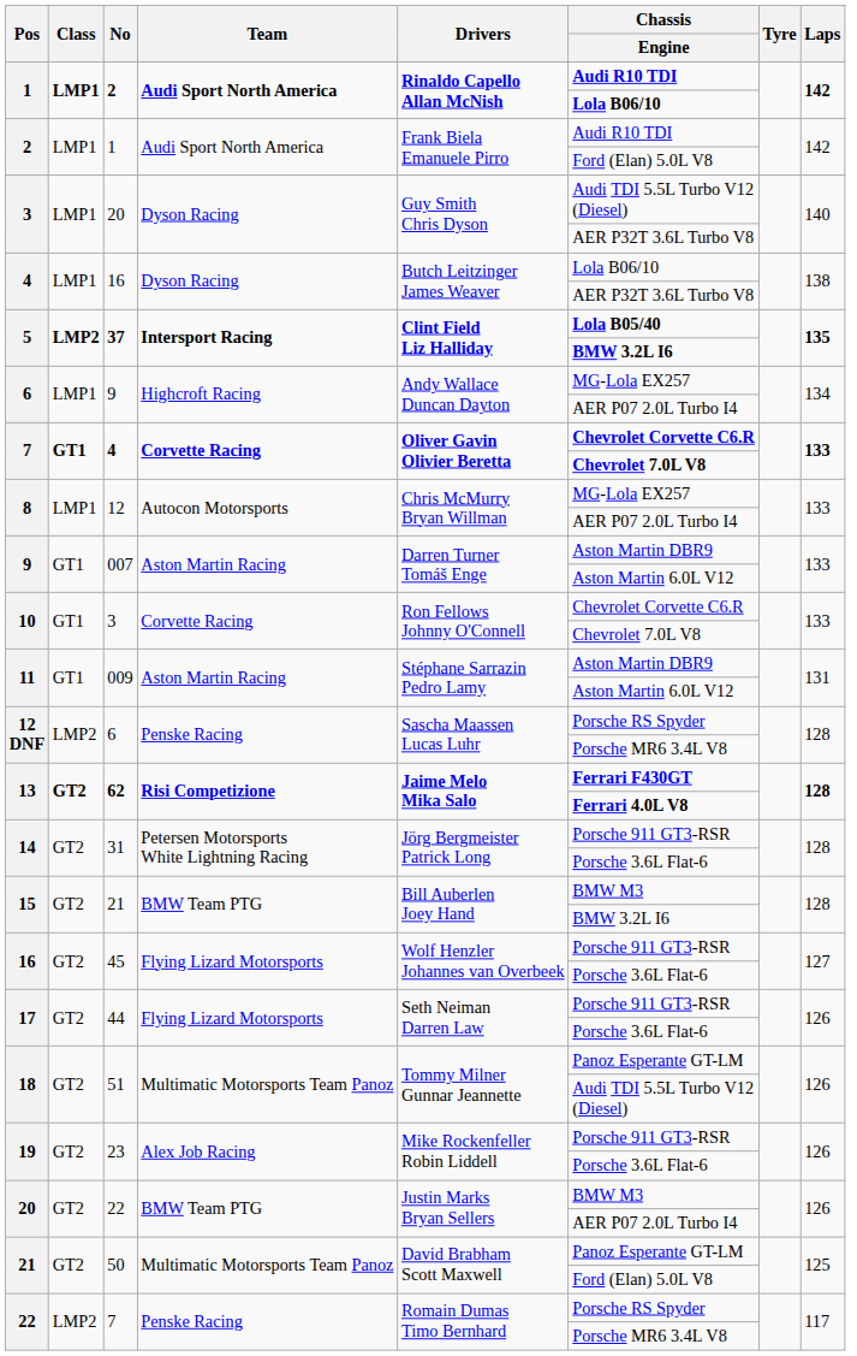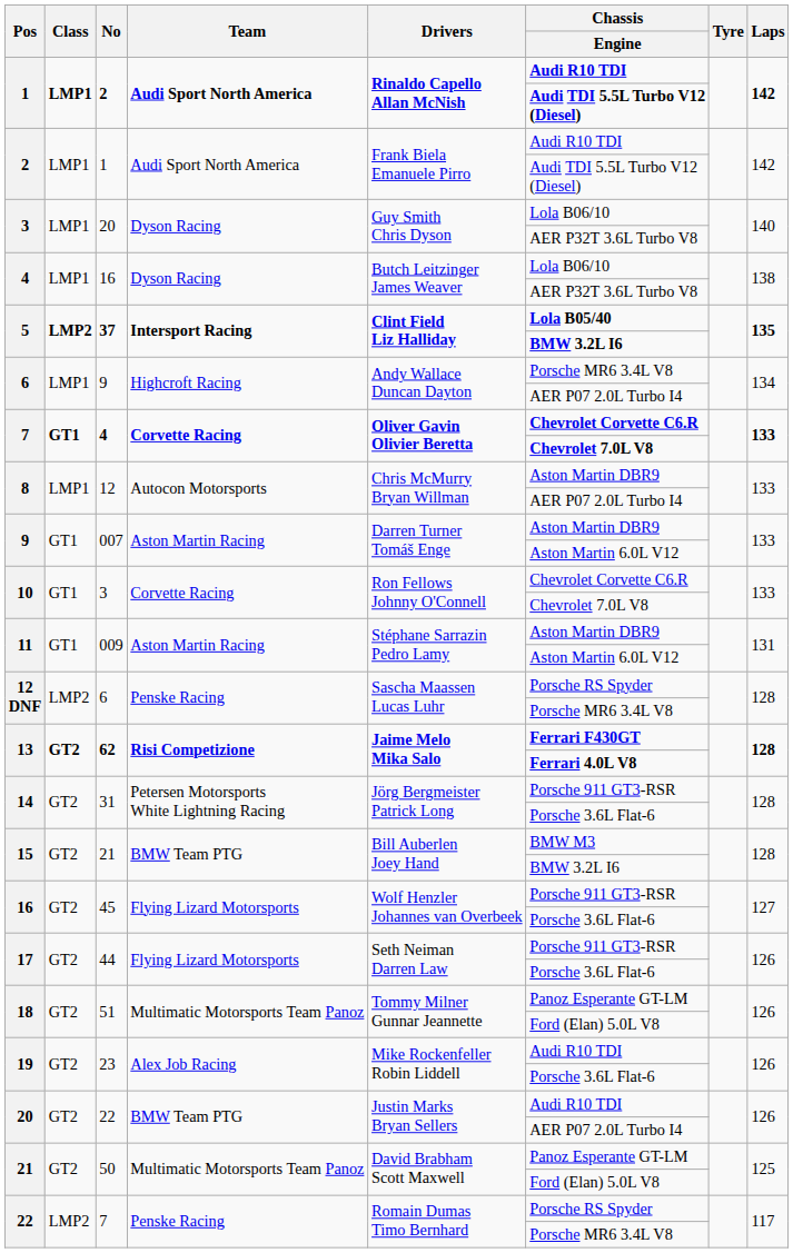 <table class="wikitable" style="font-size: 95%;">
 <tr>
 <th rowspan=2>Pos</th>
 <th rowspan=2>Class</th>
 <th rowspan=2>No</th>
 <th rowspan=2>Team</th>
 <th rowspan=2>Drivers</th>
 <th>Chassis</th>
 <th rowspan=2>Tyre</th>
 <th rowspan=2>Laps</th>
 </tr>
 <tr>
 <th>Engine</th>
 </tr>
 <tr style="font-weight:bold">
 <th rowspan=2>1</th>
 <td rowspan=2>LMP1</td>
 <td rowspan=2>2</td>
 <td rowspan=2> <a href='#'>Audi</a> Sport North America</td>
 <td rowspan=2> <a href='#'>Rinaldo Capello</a><br> <a href='#'>Allan McNish</a></td>
 <td><a href='#'>Audi R10 TDI</a></td>
 <td rowspan=2></td>
 <td rowspan=2>142</td>
 </tr>
 <tr style="font-weight:bold">
-<td><a href='#'>Lola</a> B06/10</td>
+<td><a href='#'>Audi</a> <a href='#'>TDI</a> 5.5L Turbo V12<br>(<a href='#'>Diesel</a>)</td>
 </tr>
 <tr>
 <th rowspan=2>2</th>
 <td rowspan=2>LMP1</td>
 <td rowspan=2>1</td>
 <td rowspan=2> <a href='#'>Audi</a> Sport North America</td>
 <td rowspan=2> <a href='#'>Frank Biela</a><br> <a href='#'>Emanuele Pirro</a></td>
 <td><a href='#'>Audi R10 TDI</a></td>
 <td rowspan=2></td>
 <td rowspan=2>142</td>
 </tr>
 <tr>
-<td><a href='#'>Ford</a> (Elan) 5.0L V8</td>
+<td><a href='#'>Audi</a> <a href='#'>TDI</a> 5.5L Turbo V12<br>(<a href='#'>Diesel</a>)</td>
 </tr>
 <tr>
 <th rowspan=2>3</th>
 <td rowspan=2>LMP1</td>
 <td rowspan=2>20</td>
 <td rowspan=2> <a href='#'>Dyson Racing</a></td>
 <td rowspan=2> <a href='#'>Guy Smith</a><br> <a href='#'>Chris Dyson</a></td>
-<td><a href='#'>Audi</a> <a href='#'>TDI</a> 5.5L Turbo V12<br>(<a href='#'>Diesel</a>)</td>
+<td><a href='#'>Lola</a> B06/10</td>
 <td rowspan=2></td>
 <td rowspan=2>140</td>
 </tr>
 <tr>
 <td>AER P32T 3.6L Turbo V8</td>
 </tr>
 <tr>
 <th rowspan=2>4</th>
 <td rowspan=2>LMP1</td>
 <td rowspan=2>16</td>
 <td rowspan=2> <a href='#'>Dyson Racing</a></td>
 <td rowspan=2> <a href='#'>Butch Leitzinger</a><br> <a href='#'>James Weaver</a></td>
 <td><a href='#'>Lola</a> B06/10</td>
 <td rowspan=2></td>
 <td rowspan=2>138</td>
 </tr>
 <tr>
 <td>AER P32T 3.6L Turbo V8</td>
 </tr>
 <tr style="font-weight:bold">
 <th rowspan=2>5</th>
 <td rowspan=2>LMP2</td>
 <td rowspan=2>37</td>
 <td rowspan=2> Intersport Racing</td>
 <td rowspan=2> <a href='#'>Clint Field</a><br> <a href='#'>Liz Halliday</a></td>
 <td><a href='#'>Lola</a> B05/40</td>
 <td rowspan=2></td>
 <td rowspan=2>135</td>
 </tr>
 <tr style="font-weight:bold">
 <td><a href='#'>BMW</a> 3.2L I6</td>
 </tr>
 <tr>
 <th rowspan=2>6</th>
 <td rowspan=2>LMP1</td>
 <td rowspan=2>9</td>
 <td rowspan=2> <a href='#'>Highcroft Racing</a></td>
 <td rowspan=2> <a href='#'>Andy Wallace</a><br> <a href='#'>Duncan Dayton</a></td>
-<td><a href='#'>MG</a>-<a href='#'>Lola</a> EX257</td>
+<td><a href='#'>Porsche</a> MR6 3.4L V8</td>
 <td rowspan=2></td>
 <td rowspan=2>134</td>
 </tr>
 <tr>
 <td>AER P07 2.0L Turbo I4</td>
 </tr>
 <tr style="font-weight:bold">
 <th rowspan=2>7</th>
 <td rowspan=2>GT1</td>
 <td rowspan=2>4</td>
 <td rowspan=2> <a href='#'>Corvette Racing</a></td>
 <td rowspan=2> <a href='#'>Oliver Gavin</a><br> <a href='#'>Olivier Beretta</a></td>
 <td><a href='#'>Chevrolet Corvette C6.R</a></td>
 <td rowspan=2></td>
 <td rowspan=2>133</td>
 </tr>
 <tr style="font-weight:bold">
 <td><a href='#'>Chevrolet</a> 7.0L V8</td>
 </tr>
 <tr>
 <th rowspan=2>8</th>
 <td rowspan=2>LMP1</td>
 <td rowspan=2>12</td>
 <td rowspan=2> Autocon Motorsports</td>
 <td rowspan=2> <a href='#'>Chris McMurry</a><br> <a href='#'>Bryan Willman</a></td>
-<td><a href='#'>MG</a>-<a href='#'>Lola</a> EX257</td>
+<td><a href='#'>Aston Martin DBR9</a></td>
 <td rowspan=2></td>
 <td rowspan=2>133</td>
 </tr>
 <tr>
 <td>AER P07 2.0L Turbo I4</td>
 </tr>
 <tr>
 <th rowspan=2>9</th>
 <td rowspan=2>GT1</td>
 <td rowspan=2>007</td>
 <td rowspan=2> <a href='#'>Aston Martin Racing</a></td>
 <td rowspan=2> <a href='#'>Darren Turner</a><br> <a href='#'>Tomáš Enge</a></td>
 <td><a href='#'>Aston Martin DBR9</a></td>
 <td rowspan=2></td>
 <td rowspan=2>133</td>
 </tr>
 <tr>
 <td><a href='#'>Aston Martin</a> 6.0L V12</td>
 </tr>
 <tr>
 <th rowspan=2>10</th>
 <td rowspan=2>GT1</td>
 <td rowspan=2>3</td>
 <td rowspan=2> <a href='#'>Corvette Racing</a></td>
 <td rowspan=2> <a href='#'>Ron Fellows</a><br> <a href='#'>Johnny O'Connell</a></td>
 <td><a href='#'>Chevrolet Corvette C6.R</a></td>
 <td rowspan=2></td>
 <td rowspan=2>133</td>
 </tr>
 <tr>
 <td><a href='#'>Chevrolet</a> 7.0L V8</td>
 </tr>
 <tr>
 <th rowspan=2>11</th>
 <td rowspan=2>GT1</td>
 <td rowspan=2>009</td>
 <td rowspan=2> <a href='#'>Aston Martin Racing</a></td>
 <td rowspan=2> <a href='#'>Stéphane Sarrazin</a><br> <a href='#'>Pedro Lamy</a></td>
 <td><a href='#'>Aston Martin DBR9</a></td>
 <td rowspan=2></td>
 <td rowspan=2>131</td>
 </tr>
 <tr>
 <td><a href='#'>Aston Martin</a> 6.0L V12</td>
 </tr>
 <tr>
 <th rowspan=2>12<br>DNF</th>
 <td rowspan=2>LMP2</td>
 <td rowspan=2>6</td>
 <td rowspan=2> <a href='#'>Penske Racing</a></td>
 <td rowspan=2> <a href='#'>Sascha Maassen</a><br> <a href='#'>Lucas Luhr</a></td>
 <td><a href='#'>Porsche RS Spyder</a></td>
 <td rowspan=2></td>
 <td rowspan=2>128</td>
 </tr>
 <tr>
 <td><a href='#'>Porsche</a> MR6 3.4L V8</td>
 </tr>
 <tr style="font-weight:bold">
 <th rowspan=2>13</th>
 <td rowspan=2>GT2</td>
 <td rowspan=2>62</td>
 <td rowspan=2> <a href='#'>Risi Competizione</a></td>
 <td rowspan=2> <a href='#'>Jaime Melo</a><br> <a href='#'>Mika Salo</a></td>
 <td><a href='#'>Ferrari F430GT</a></td>
 <td rowspan=2></td>
 <td rowspan=2>128</td>
 </tr>
 <tr style="font-weight:bold">
 <td><a href='#'>Ferrari</a> 4.0L V8</td>
 </tr>
 <tr>
 <th rowspan=2>14</th>
 <td rowspan=2>GT2</td>
 <td rowspan=2>31</td>
 <td rowspan=2> Petersen Motorsports<br> White Lightning Racing</td>
 <td rowspan=2> <a href='#'>Jörg Bergmeister</a><br> <a href='#'>Patrick Long</a></td>
 <td><a href='#'>Porsche 911 GT3</a>-RSR</td>
 <td rowspan=2></td>
 <td rowspan=2>128</td>
 </tr>
 <tr>
 <td><a href='#'>Porsche</a> 3.6L Flat-6</td>
 </tr>
 <tr>
 <th rowspan=2>15</th>
 <td rowspan=2>GT2</td>
 <td rowspan=2>21</td>
 <td rowspan=2> <a href='#'>BMW</a> Team PTG</td>
 <td rowspan=2> <a href='#'>Bill Auberlen</a><br> <a href='#'>Joey Hand</a></td>
 <td><a href='#'>BMW M3</a></td>
 <td rowspan=2></td>
 <td rowspan=2>128</td>
 </tr>
 <tr>
 <td><a href='#'>BMW</a> 3.2L I6</td>
 </tr>
 <tr>
 <th rowspan=2>16</th>
 <td rowspan=2>GT2</td>
 <td rowspan=2>45</td>
 <td rowspan=2> <a href='#'>Flying Lizard Motorsports</a></td>
 <td rowspan=2> <a href='#'>Wolf Henzler</a><br> <a href='#'>Johannes van Overbeek</a></td>
 <td><a href='#'>Porsche 911 GT3</a>-RSR</td>
 <td rowspan=2></td>
 <td rowspan=2>127</td>
 </tr>
 <tr>
 <td><a href='#'>Porsche</a> 3.6L Flat-6</td>
 </tr>
 <tr>
 <th rowspan=2>17</th>
 <td rowspan=2>GT2</td>
 <td rowspan=2>44</td>
 <td rowspan=2> <a href='#'>Flying Lizard Motorsports</a></td>
 <td rowspan=2> Seth Neiman<br> <a href='#'>Darren Law</a></td>
 <td><a href='#'>Porsche 911 GT3</a>-RSR</td>
 <td rowspan=2></td>
 <td rowspan=2>126</td>
 </tr>
 <tr>
 <td><a href='#'>Porsche</a> 3.6L Flat-6</td>
 </tr>
 <tr>
 <th rowspan=2>18</th>
 <td rowspan=2>GT2</td>
 <td rowspan=2>51</td>
 <td rowspan=2> Multimatic Motorsports Team <a href='#'>Panoz</a></td>
 <td rowspan=2> <a href='#'>Tommy Milner</a><br> Gunnar Jeannette</td>
 <td><a href='#'>Panoz Esperante</a> GT-LM</td>
 <td rowspan=2></td>
 <td rowspan=2>126</td>
 </tr>
 <tr>
-<td><a href='#'>Audi</a> <a href='#'>TDI</a> 5.5L Turbo V12<br>(<a href='#'>Diesel</a>)</td>
+<td><a href='#'>Ford</a> (Elan) 5.0L V8</td>
 </tr>
 <tr>
 <th rowspan=2>19</th>
 <td rowspan=2>GT2</td>
 <td rowspan=2>23</td>
 <td rowspan=2> <a href='#'>Alex Job Racing</a></td>
 <td rowspan=2> <a href='#'>Mike Rockenfeller</a><br> Robin Liddell</td>
-<td><a href='#'>Porsche 911 GT3</a>-RSR</td>
+<td><a href='#'>Audi R10 TDI</a></td>
 <td rowspan=2></td>
 <td rowspan=2>126</td>
 </tr>
 <tr>
 <td><a href='#'>Porsche</a> 3.6L Flat-6</td>
 </tr>
 <tr>
 <th rowspan=2>20</th>
 <td rowspan=2>GT2</td>
 <td rowspan=2>22</td>
 <td rowspan=2> <a href='#'>BMW</a> Team PTG</td>
 <td rowspan=2> <a href='#'>Justin Marks</a><br> <a href='#'>Bryan Sellers</a></td>
-<td><a href='#'>BMW M3</a></td>
+<td><a href='#'>Audi R10 TDI</a></td>
 <td rowspan=2></td>
 <td rowspan=2>126</td>
 </tr>
 <tr>
 <td>AER P07 2.0L Turbo I4</td>
 </tr>
 <tr>
 <th rowspan=2>21</th>
 <td rowspan=2>GT2</td>
 <td rowspan=2>50</td>
 <td rowspan=2> Multimatic Motorsports Team <a href='#'>Panoz</a></td>
 <td rowspan=2> <a href='#'>David Brabham</a><br> Scott Maxwell</td>
 <td><a href='#'>Panoz Esperante</a> GT-LM</td>
 <td rowspan=2></td>
 <td rowspan=2>125</td>
 </tr>
 <tr>
 <td><a href='#'>Ford</a> (Elan) 5.0L V8</td>
 </tr>
 <tr>
 <th rowspan=2>22</th>
 <td rowspan=2>LMP2</td>
 <td rowspan=2>7</td>
 <td rowspan=2> <a href='#'>Penske Racing</a></td>
 <td rowspan=2> <a href='#'>Romain Dumas</a><br> <a href='#'>Timo Bernhard</a></td>
 <td><a href='#'>Porsche RS Spyder</a></td>
 <td rowspan=2></td>
 <td rowspan=2>117</td>
 </tr>
 <tr>
 <td><a href='#'>Porsche</a> MR6 3.4L V8</td>
 </tr>
 </table>
